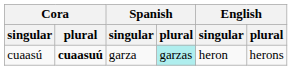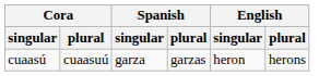 <table class="wikitable">
 <tr>
 <th colspan="2">Cora</th>
 <th colspan="2">Spanish</th>
 <th colspan="2">English</th>
 </tr>
 <tr>
 <th>singular</th>
 <th>plural</th>
 <th>singular</th>
 <th>plural</th>
 <th>singular</th>
 <th>plural</th>
 </tr>
 <tr>
 <td>cuaasú</td>
-<td><strong>cuaasuú</strong></td>
+<td>cuaasuú</td>
 <td>garza</td>
-<td style="background: paleturquoise;">garzas</td>
+<td>garzas</td>
 <td>heron</td>
 <td>herons</td>
 </tr>
 </table>
